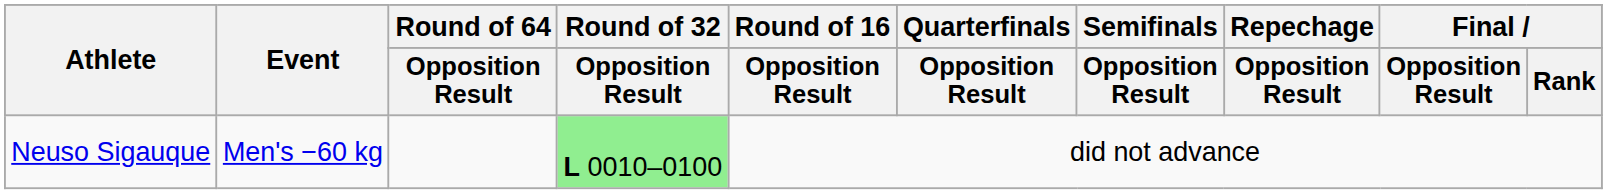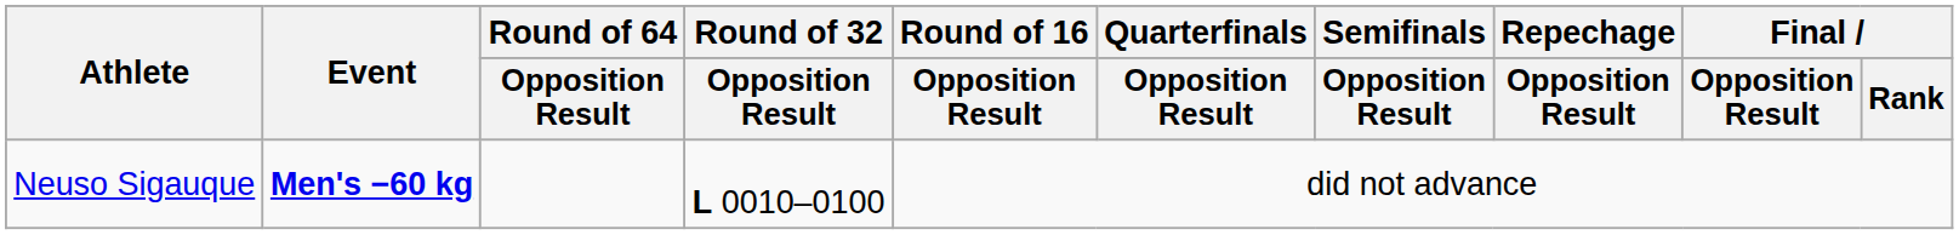 <table class="wikitable" style="font-size:90%">
 <tr>
 <th rowspan="2">Athlete</th>
 <th rowspan="2">Event</th>
 <th>Round of 64</th>
 <th>Round of 32</th>
 <th>Round of 16</th>
 <th>Quarterfinals</th>
 <th>Semifinals</th>
 <th>Repechage</th>
 <th colspan=2>Final / </th>
 </tr>
 <tr style="font-size:95%">
 <th>Opposition<br>Result</th>
 <th>Opposition<br>Result</th>
 <th>Opposition<br>Result</th>
 <th>Opposition<br>Result</th>
 <th>Opposition<br>Result</th>
 <th>Opposition<br>Result</th>
 <th>Opposition<br>Result</th>
 <th>Rank</th>
 </tr>
 <tr align=center>
 <td align=left><a href='#'>Neuso Sigauque</a></td>
-<td align=left><a href='#'>Men's −60 kg</a></td>
+<td align=left><strong><a href='#'>Men's −60 kg</a></strong></td>
 <td></td>
-<td style="background: lightgreen;"><br><strong>L</strong> 0010–0100</td>
+<td><br><strong>L</strong> 0010–0100</td>
 <td colspan=6>did not advance</td>
 </tr>
 </table>
